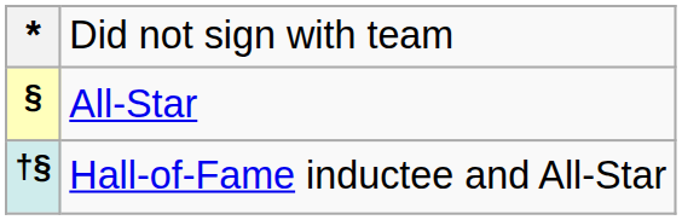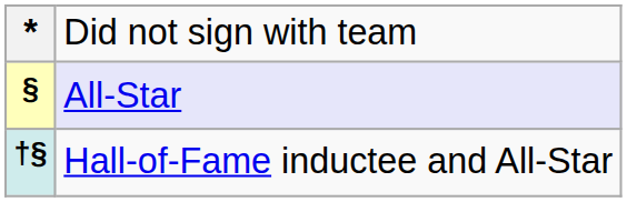 <table class="wikitable plainrowheaders">
 <tr>
 <th scope="row">*</th>
 <td>Did not sign with team</td>
 </tr>
 <tr>
 <th scope="row" style="background-color:#ffffbb"><sup>§</sup></th>
-<td><a href='#'>All-Star</a></td>
+<td style="background: lavender;"><a href='#'>All-Star</a></td>
 </tr>
 <tr>
 <th scope="row" style="background-color:#cfecec"><sup>†§</sup></th>
 <td><a href='#'>Hall-of-Fame</a> inductee and All-Star</td>
 </tr>
 </table>
